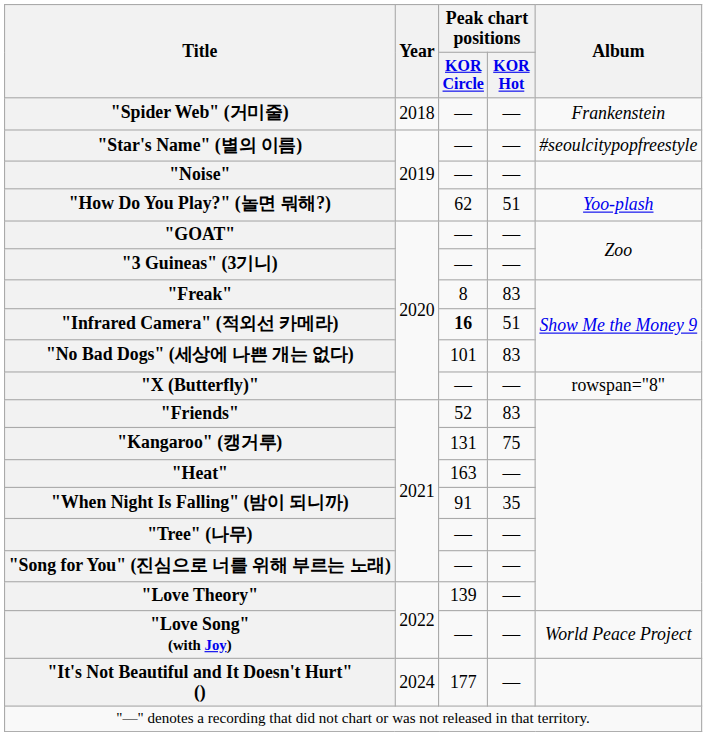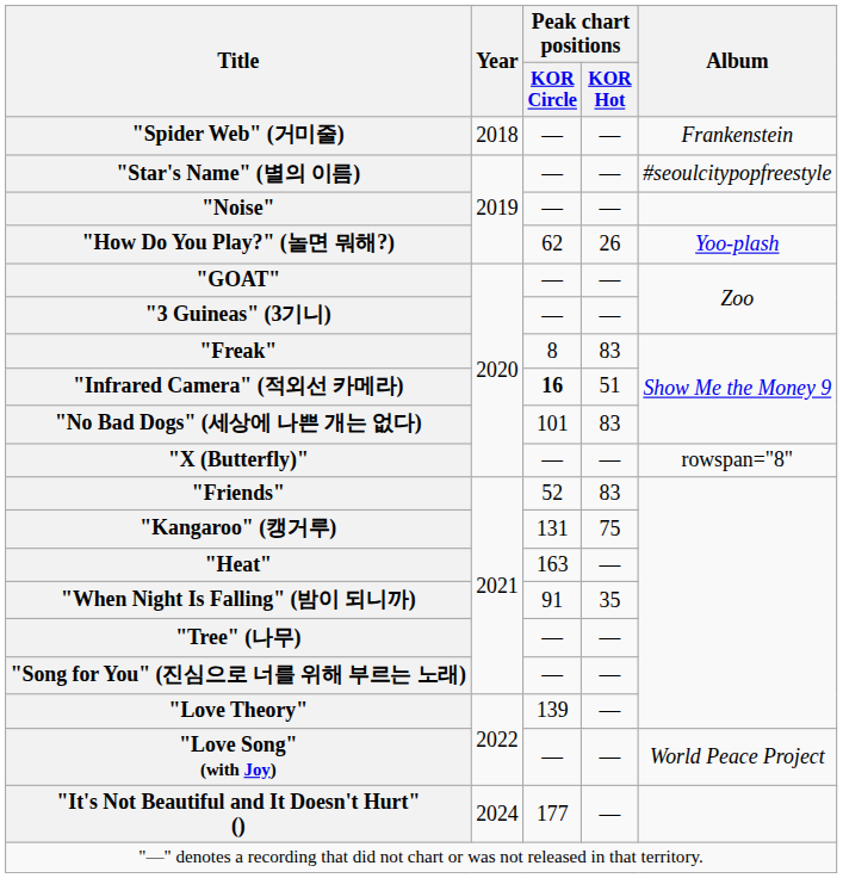 <table class="wikitable plainrowheaders" style="text-align:center;">
 <tr>
 <th scope="col" rowspan="2">Title</th>
 <th scope="col" rowspan="2">Year</th>
 <th scope="col" colspan="2">Peak chart positions</th>
 <th scope="col" rowspan="2">Album</th>
 </tr>
 <tr>
 <th scope="col" style="width:2.5em;font-size:90%;"><a href='#'>KOR<br>Circle</a><br></th>
 <th scope="col" style="width:2.5em;font-size:90%;"><a href='#'>KOR<br>Hot</a><br></th>
 </tr>
 <tr>
 <th scope="row">"Spider Web" (거미줄)</th>
 <td>2018</td>
 <td>—</td>
 <td>—</td>
 <td><em>Frankenstein</em></td>
 </tr>
 <tr>
 <th scope="row">"Star's Name" (별의 이름) </th>
 <td rowspan="3">2019</td>
 <td>—</td>
 <td>—</td>
 <td><em>#seoulcitypopfreestyle</em></td>
 </tr>
 <tr>
 <th scope="row">"Noise" </th>
 <td>—</td>
 <td>—</td>
 <td></td>
 </tr>
 <tr>
 <th scope="row">"How Do You Play?" (놀면 뭐해?)<br> </th>
 <td>62</td>
-<td>51</td>
+<td>26</td>
 <td><em><a href='#'>Yoo-plash</a></em></td>
 </tr>
 <tr>
 <th scope="row">"GOAT" </th>
 <td rowspan="6">2020</td>
 <td>—</td>
 <td>—</td>
 <td rowspan="2"><em>Zoo</em></td>
 </tr>
 <tr>
 <th scope="row">"3 Guineas" (3기니)</th>
 <td>—</td>
 <td>—</td>
 </tr>
 <tr>
 <th scope="row">"Freak" </th>
 <td>8</td>
 <td>83</td>
 <td rowspan="3"><em><a href='#'>Show Me the Money 9</a></em></td>
 </tr>
 <tr>
 <th scope="row">"Infrared Camera" (적외선 카메라)</th>
 <td><strong>16</strong></td>
 <td>51</td>
 </tr>
 <tr>
 <th scope="row">"No Bad Dogs" (세상에 나쁜 개는 없다) </th>
 <td>101</td>
 <td>83</td>
 </tr>
 <tr>
 <th scope="row">"X (Butterfly)"</th>
 <td>—</td>
 <td>—</td>
 <td>rowspan="8" </td>
 </tr>
 <tr>
 <th scope="row">"Friends" </th>
 <td rowspan="6">2021</td>
 <td>52</td>
 <td>83</td>
 </tr>
 <tr>
 <th scope="row">"Kangaroo" (캥거루)</th>
 <td>131</td>
 <td>75</td>
 </tr>
 <tr>
 <th scope="row">"Heat" </th>
 <td>163</td>
 <td>—</td>
 </tr>
 <tr>
 <th scope="row">"When Night Is Falling" (밤이 되니까) </th>
 <td>91</td>
 <td>35</td>
 </tr>
 <tr>
 <th scope="row">"Tree" (나무)</th>
 <td>—</td>
 <td>—</td>
 </tr>
 <tr>
 <th scope="row">"Song for You" (진심으로 너를 위해 부르는 노래) </th>
 <td>—</td>
 <td>—</td>
 </tr>
 <tr>
 <th scope="row">"Love Theory" </th>
 <td rowspan=2>2022</td>
 <td>139</td>
 <td>—</td>
 </tr>
 <tr>
 <th scope="row">"Love Song"<br><small>(with <a href='#'>Joy</a>)</small></th>
 <td>—</td>
 <td>—</td>
 <td><em>World Peace Project</em></td>
 </tr>
 <tr>
 <th scope="row">"It's Not Beautiful and It Doesn't Hurt"<br>()</th>
 <td>2024</td>
 <td>177</td>
 <td>—</td>
 <td></td>
 </tr>
 <tr>
 <td colspan="5" style="font-size:85%">"—" denotes a recording that did not chart or was not released in that territory.</td>
 </tr>
 </table>
